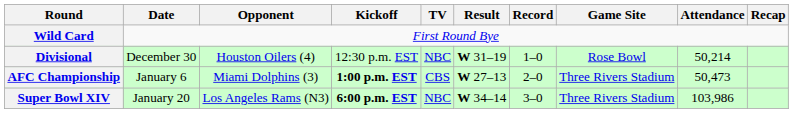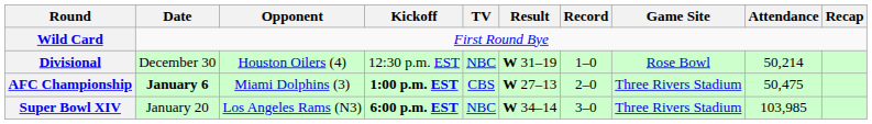 <table class="wikitable" style="text-align:center">
 <tr>
 <th>Round</th>
 <th>Date</th>
 <th>Opponent</th>
 <th>Kickoff</th>
 <th>TV</th>
 <th>Result</th>
 <th>Record</th>
 <th>Game Site</th>
 <th>Attendance</th>
 <th>Recap</th>
 </tr>
 <tr>
 <th><a href='#'>Wild Card</a></th>
 <td colspan=10><em><a href='#'>First Round Bye</a></em></td>
 </tr>
 <tr style="background:#cfc">
 <th><a href='#'>Divisional</a></th>
 <td>December 30</td>
 <td><a href='#'>Houston Oilers</a> (4)</td>
 <td>12:30 p.m. <a href='#'>EST</a></td>
 <td><a href='#'>NBC</a></td>
 <td><strong>W</strong> 31–19</td>
 <td>1–0</td>
 <td><a href='#'>Rose Bowl</a></td>
 <td>50,214</td>
 <td></td>
 </tr>
 <tr style="background:#cfc">
 <th><a href='#'>AFC Championship</a></th>
-<td>January 6</td>
+<td><strong>January 6</strong></td>
 <td><a href='#'>Miami Dolphins</a> (3)</td>
 <td><strong>1:00 p.m. <a href='#'>EST</a></strong></td>
 <td><a href='#'>CBS</a></td>
 <td><strong>W</strong> 27–13</td>
 <td>2–0</td>
 <td><a href='#'>Three Rivers Stadium</a></td>
-<td>50,473</td>
+<td>50,475</td>
 <td></td>
 </tr>
 <tr style="background:#cfc">
 <th><a href='#'>Super Bowl XIV</a></th>
 <td>January 20</td>
 <td><a href='#'>Los Angeles Rams</a> (N3)</td>
 <td><strong>6:00 p.m. <a href='#'>EST</a></strong></td>
 <td><a href='#'>NBC</a></td>
 <td><strong>W</strong> 34–14</td>
 <td>3–0</td>
 <td><a href='#'>Three Rivers Stadium</a></td>
-<td>103,986</td>
+<td>103,985</td>
 <td></td>
 </tr>
 </table>
